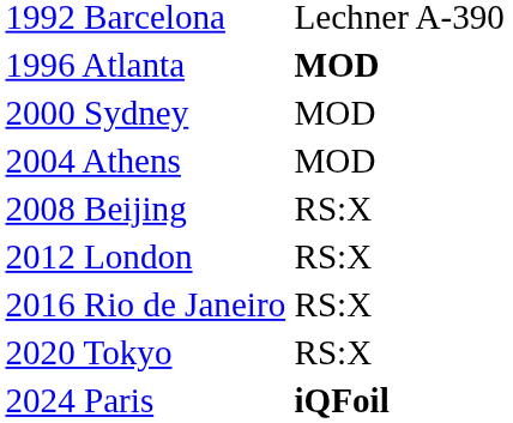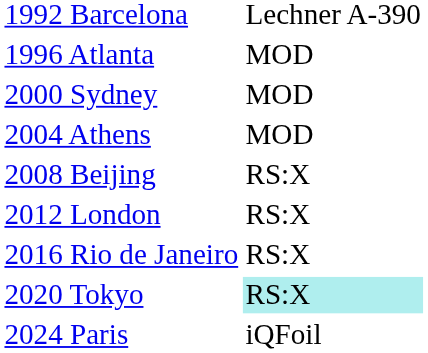 <table>
 <tr>
 <td nowrap=true><a href='#'>1992 Barcelona</a><br></td>
 <td>Lechner A-390</td>
 <td></td>
 <td></td>
 <td></td>
 </tr>
 <tr>
 <td><a href='#'>1996 Atlanta</a><br></td>
-<td><strong>MOD</strong></td>
+<td>MOD</td>
 <td></td>
 <td></td>
 <td></td>
 </tr>
 <tr>
 <td><a href='#'>2000 Sydney</a><br></td>
 <td>MOD</td>
 <td></td>
 <td></td>
 <td></td>
 </tr>
 <tr>
 <td><a href='#'>2004 Athens</a><br></td>
 <td>MOD</td>
 <td></td>
 <td></td>
 <td></td>
 </tr>
 <tr>
 <td><a href='#'>2008 Beijing</a><br></td>
 <td>RS:X</td>
 <td></td>
 <td></td>
 <td></td>
 </tr>
 <tr>
 <td><a href='#'>2012 London</a><br></td>
 <td>RS:X</td>
 <td></td>
 <td></td>
 <td></td>
 </tr>
 <tr>
 <td><a href='#'>2016 Rio de Janeiro</a><br></td>
 <td>RS:X</td>
 <td></td>
 <td></td>
 <td></td>
 </tr>
 <tr>
 <td><a href='#'>2020 Tokyo</a><br></td>
-<td>RS:X</td>
+<td style="background: paleturquoise;">RS:X</td>
 <td></td>
 <td></td>
 <td></td>
 </tr>
 <tr>
 <td><a href='#'>2024 Paris</a> <br></td>
-<td><strong>iQFoil</strong></td>
+<td>iQFoil</td>
 <td></td>
 <td></td>
 <td></td>
 </tr>
 <tr>
 </tr>
 </table>
